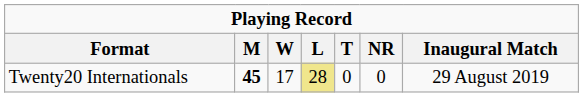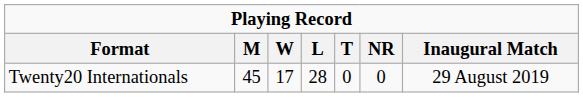 <table class="wikitable" style="text-align: center; width: 500px;">
 <tr>
 <td colspan=7 align="center"><strong>Playing Record</strong></td>
 </tr>
 <tr>
 <th>Format</th>
 <th>M</th>
 <th>W</th>
 <th>L</th>
 <th>T</th>
 <th>NR</th>
 <th>Inaugural Match</th>
 </tr>
 <tr>
 <td align="left">Twenty20 Internationals</td>
-<td><strong>45</strong></td>
+<td>45</td>
 <td>17</td>
-<td style="background: khaki;">28</td>
+<td>28</td>
 <td>0</td>
 <td>0</td>
 <td>29 August 2019</td>
 </tr>
 </table>
